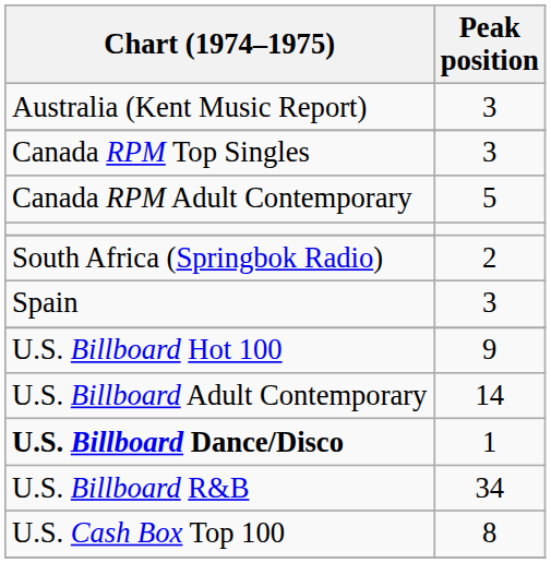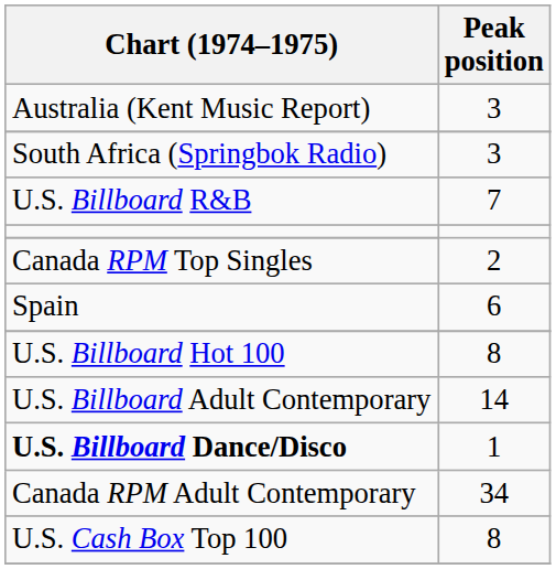 <table class="wikitable sortable">
 <tr>
 <th>Chart (1974–1975)</th>
 <th>Peak<br>position</th>
 </tr>
 <tr>
 <td align="left">Australia (Kent Music Report)</td>
 <td style="text-align:center;">3</td>
 </tr>
 <tr>
 </tr>
 <tr>
 </tr>
 <tr>
 </tr>
 <tr>
-<td>Canada <a href='#'><em>RPM</em></a> Top Singles</td>
+<td>South Africa (<a href='#'>Springbok Radio</a>)</td>
 <td style="text-align:center;">3</td>
 </tr>
 <tr>
-<td>Canada <em>RPM</em> Adult Contemporary</td>
-<td style="text-align:center;">5</td>
+<td>U.S. <em><a href='#'>Billboard</a></em> <a href='#'>R&B</a></td>
+<td style="text-align:center;">7</td>
 </tr>
 <tr>
 <td></td>
 </tr>
 <tr>
 </tr>
 <tr>
-<td>South Africa (<a href='#'>Springbok Radio</a>)</td>
+<td>Canada <a href='#'><em>RPM</em></a> Top Singles</td>
 <td align="center">2</td>
 </tr>
 <tr>
 <td>Spain </td>
-<td style="text-align:center;">3</td>
+<td style="text-align:center;">6</td>
 </tr>
 <tr>
 </tr>
 <tr>
 <td align="left">U.S. <em><a href='#'>Billboard</a></em> <a href='#'>Hot 100</a></td>
-<td style="text-align:center;">9</td>
+<td style="text-align:center;">8</td>
 </tr>
 <tr>
 <td align="left">U.S. <em><a href='#'>Billboard</a></em> Adult Contemporary</td>
 <td style="text-align:center;">14</td>
 </tr>
 <tr>
 <td><strong>U.S. <em><a href='#'>Billboard</a></em> Dance/Disco</strong></td>
 <td style="text-align:center;">1</td>
 </tr>
 <tr>
-<td>U.S. <em><a href='#'>Billboard</a></em> <a href='#'>R&B</a></td>
+<td>Canada <em>RPM</em> Adult Contemporary</td>
 <td style="text-align:center;">34</td>
 </tr>
 <tr>
 <td align="left">U.S. <em><a href='#'>Cash Box</a></em> Top 100</td>
 <td style="text-align:center;">8</td>
 </tr>
 <tr>
 </tr>
 </table>
